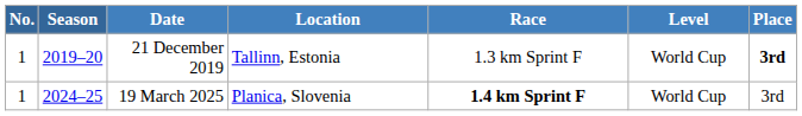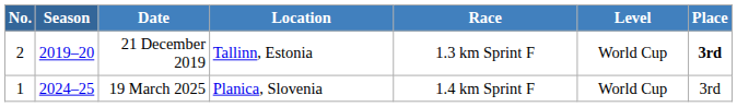 <table class="wikitable sortable" style="font-size:95%; text-align:center; border:grey solid 1px; border-collapse:collapse; background:#ffffff;">
 <tr style="background:#efefef;">
 <th style="background-color:#369; color:white;">No.</th>
 <th style="background-color:#369; color:white;">Season</th>
 <th style="background-color:#4180be; color:white; width:100px;">Date</th>
 <th style="background-color:#4180be; color:white; width:170px;">Location</th>
 <th style="background-color:#4180be; color:white; width:170px;">Race</th>
 <th style="background-color:#4180be; color:white; width:100px;">Level</th>
 <th style="background-color:#4180be; color:white;">Place</th>
 </tr>
 <tr>
-<td align=center>1</td>
+<td align=center>2</td>
 <td><a href='#'>2019–20</a></td>
 <td align= right>21 December 2019</td>
 <td align=left> <a href='#'>Tallinn</a>, Estonia</td>
 <td>1.3 km Sprint F</td>
 <td>World Cup</td>
 <td><strong>3rd</strong></td>
 </tr>
 <tr>
 <td align=center>1</td>
 <td><a href='#'>2024–25</a></td>
 <td align= right>19 March 2025</td>
 <td align=left> <a href='#'>Planica</a>, Slovenia</td>
-<td><strong>1.4 km Sprint F</strong></td>
+<td>1.4 km Sprint F</td>
 <td>World Cup</td>
 <td>3rd</td>
 </tr>
 </table>
